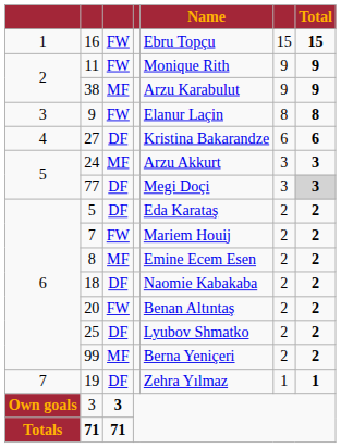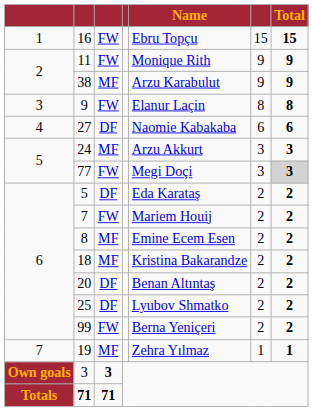 <table class="wikitable" style="text-align:center">
 <tr>
 <th style="background:#A32638; color:#FFB300; "></th>
 <th style="background:#A32638; color:#FFB300; "></th>
 <th style="background:#A32638; color:#FFB300; "></th>
 <th style="background:#A32638; color:#FFB300; "></th>
 <th style="background:#A32638; color:#FFB300; ">Name</th>
 <th style="background:#A32638; color:#FFB300; "></th>
 <th style="background:#A32638; color:#FFB300; ">Total</th>
 </tr>
 <tr>
 <td rowspan="1">1</td>
 <td>16</td>
 <td><a href='#'>FW</a></td>
 <td></td>
 <td align=left><a href='#'>Ebru Topçu</a></td>
 <td>15</td>
 <td><strong>15</strong></td>
 </tr>
 <tr>
 <td rowspan="2">2</td>
 <td>11</td>
 <td><a href='#'>FW</a></td>
 <td></td>
 <td align=left><a href='#'>Monique Rith</a></td>
 <td>9</td>
 <td><strong>9</strong></td>
 </tr>
 <tr>
 <td>38</td>
 <td><a href='#'>MF</a></td>
 <td></td>
 <td align=left><a href='#'>Arzu Karabulut</a></td>
 <td>9</td>
 <td><strong>9</strong></td>
 </tr>
 <tr>
 <td rowspan="1">3</td>
 <td>9</td>
 <td><a href='#'>FW</a></td>
 <td></td>
 <td align=left><a href='#'>Elanur Laçin</a></td>
 <td>8</td>
 <td><strong>8</strong></td>
 </tr>
 <tr>
 <td rowspan="1">4</td>
 <td>27</td>
 <td><a href='#'>DF</a></td>
 <td></td>
-<td align=left><a href='#'>Kristina Bakarandze</a></td>
+<td align=left><a href='#'>Naomie Kabakaba</a></td>
 <td>6</td>
 <td><strong>6</strong></td>
 </tr>
 <tr>
 <td rowspan="2">5</td>
 <td>24</td>
 <td><a href='#'>MF</a></td>
 <td></td>
 <td align=left><a href='#'>Arzu Akkurt</a></td>
 <td>3</td>
 <td><strong>3</strong></td>
 </tr>
 <tr>
 <td>77</td>
-<td><a href='#'>DF</a></td>
+<td><a href='#'>FW</a></td>
 <td></td>
 <td align=left><a href='#'>Megi Doçi</a></td>
 <td>3</td>
 <td style="background: lightgrey;"><strong>3</strong></td>
 </tr>
 <tr>
 <td rowspan="7">6</td>
 <td>5</td>
 <td><a href='#'>DF</a></td>
 <td></td>
 <td align=left><a href='#'>Eda Karataş</a></td>
 <td>2</td>
 <td><strong>2</strong></td>
 </tr>
 <tr>
 <td>7</td>
 <td><a href='#'>FW</a></td>
 <td></td>
 <td align=left><a href='#'>Mariem Houij</a></td>
 <td>2</td>
 <td><strong>2</strong></td>
 </tr>
 <tr>
 <td>8</td>
 <td><a href='#'>MF</a></td>
 <td></td>
 <td align=left><a href='#'>Emine Ecem Esen</a></td>
 <td>2</td>
 <td><strong>2</strong></td>
 </tr>
 <tr>
 <td>18</td>
-<td><a href='#'>DF</a></td>
+<td><a href='#'>MF</a></td>
 <td></td>
-<td align=left><a href='#'>Naomie Kabakaba</a></td>
+<td align=left><a href='#'>Kristina Bakarandze</a></td>
 <td>2</td>
 <td><strong>2</strong></td>
 </tr>
 <tr>
 <td>20</td>
-<td><a href='#'>FW</a></td>
+<td><a href='#'>DF</a></td>
 <td></td>
 <td align=left><a href='#'>Benan Altıntaş</a></td>
 <td>2</td>
 <td><strong>2</strong></td>
 </tr>
 <tr>
 <td>25</td>
 <td><a href='#'>DF</a></td>
 <td></td>
 <td align=left><a href='#'>Lyubov Shmatko</a></td>
 <td>2</td>
 <td><strong>2</strong></td>
 </tr>
 <tr>
 <td>99</td>
-<td><a href='#'>MF</a></td>
+<td><a href='#'>FW</a></td>
 <td></td>
 <td align=left><a href='#'>Berna Yeniçeri</a></td>
 <td>2</td>
 <td><strong>2</strong></td>
 </tr>
 <tr>
 <td rowspan="1">7</td>
 <td>19</td>
-<td><a href='#'>DF</a></td>
+<td><a href='#'>MF</a></td>
 <td></td>
 <td align=left><a href='#'>Zehra Yılmaz</a></td>
 <td>1</td>
 <td><strong>1</strong></td>
 </tr>
 <tr>
 <td style="background:#A32638; color:#FFB300; "><strong>Own goals</strong></td>
 <td>3</td>
 <td><strong>3</strong></td>
 </tr>
 <tr>
 <td style="background:#A32638; color:#FFB300; "><strong>Totals</strong></td>
 <td><strong>71</strong></td>
 <td><strong>71</strong></td>
 </tr>
 </table>
